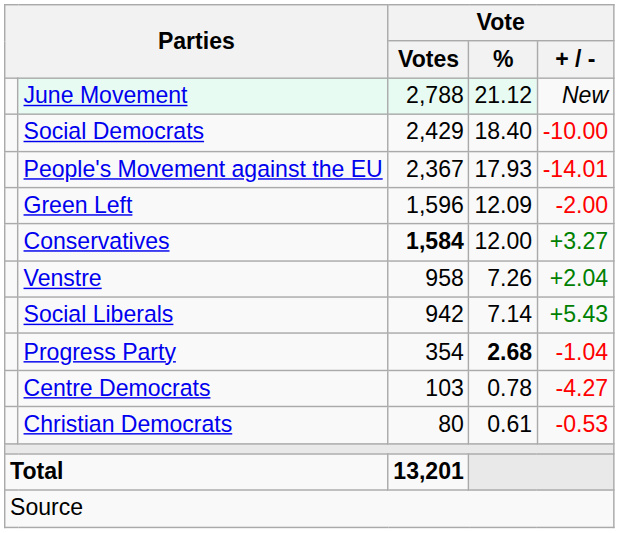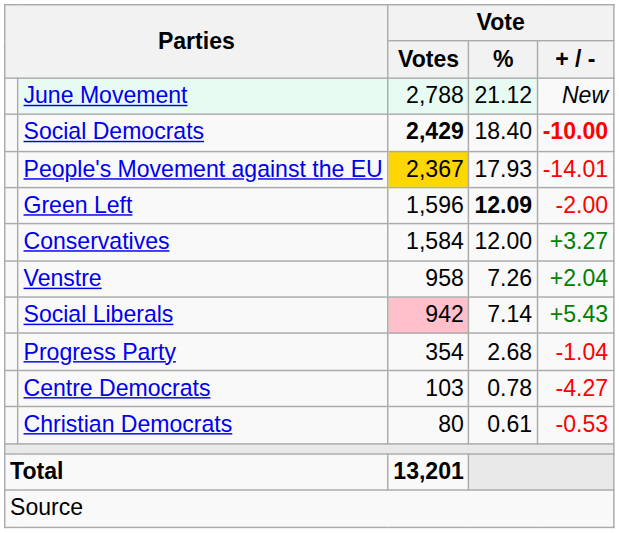 <table class="wikitable" style="text-align:right;">
 <tr>
 <th style="text-align:centre;" rowspan="2" colspan="2" width="225">Parties</th>
 <th colspan="3">Vote</th>
 </tr>
 <tr>
 <th width="15">Votes</th>
 <th width="15">%</th>
 <th width="15">+ / -</th>
 </tr>
 <tr>
 <td width="2" style="color:inherit;background:"></td>
 <td bgcolor=#e8fbf3   align="left"><a href='#'>June Movement</a></td>
 <td bgcolor=#e8fbf3>2,788</td>
 <td bgcolor=#e8fbf3>21.12</td>
 <td><em>New</em></td>
 </tr>
 <tr>
 <td width="2" style="color:inherit;background:"></td>
 <td align="left"><a href='#'>Social Democrats</a></td>
-<td>2,429</td>
+<td><strong>2,429</strong></td>
 <td>18.40</td>
-<td style=color:red;>-10.00</td>
+<td style=color:red;><strong>-10.00</strong></td>
 </tr>
 <tr>
 <td width="2" style="color:inherit;background:"></td>
 <td align="left"><a href='#'>People's Movement against the EU</a></td>
-<td>2,367</td>
+<td style="background: gold;">2,367</td>
 <td>17.93</td>
 <td style=color:red;>-14.01</td>
 </tr>
 <tr>
 <td width="2" style="color:inherit;background:"></td>
 <td align="left"><a href='#'>Green Left</a></td>
 <td>1,596</td>
-<td>12.09</td>
+<td><strong>12.09</strong></td>
 <td style=color:red;>-2.00</td>
 </tr>
 <tr>
 <td width="2" style="color:inherit;background:"></td>
 <td align="left"><a href='#'>Conservatives</a></td>
-<td><strong>1,584</strong></td>
+<td>1,584</td>
 <td>12.00</td>
 <td style=color:green;>+3.27</td>
 </tr>
 <tr>
 <td width="2" style="color:inherit;background:"></td>
 <td align="left"><a href='#'>Venstre</a></td>
 <td>958</td>
 <td>7.26</td>
 <td style=color:green;>+2.04</td>
 </tr>
 <tr>
 <td width="2" style="color:inherit;background:"></td>
 <td align="left"><a href='#'>Social Liberals</a></td>
-<td>942</td>
+<td style="background: pink;">942</td>
 <td>7.14</td>
 <td style=color:green;>+5.43</td>
 </tr>
 <tr>
 <td width="2" style="color:inherit;background:"></td>
 <td align="left"><a href='#'>Progress Party</a></td>
 <td>354</td>
-<td><strong>2.68</strong></td>
+<td>2.68</td>
 <td style=color:red;>-1.04</td>
 </tr>
 <tr>
 <td width="2" style="color:inherit;background:"></td>
 <td align="left"><a href='#'>Centre Democrats</a></td>
 <td>103</td>
 <td>0.78</td>
 <td style=color:red;>-4.27</td>
 </tr>
 <tr>
 <td width="2" style="color:inherit;background:"></td>
 <td align="left"><a href='#'>Christian Democrats</a></td>
 <td>80</td>
 <td>0.61</td>
 <td style=color:red;>-0.53</td>
 </tr>
 <tr>
 <td colspan="7" bgcolor="#E9E9E9"></td>
 </tr>
 <tr>
 <td align="left" colspan="2"><strong>Total</strong></td>
 <td><strong>13,201</strong></td>
 <td bgcolor="#E9E9E9" colspan="2"></td>
 </tr>
 <tr>
 <td align="left" colspan="6">Source</td>
 </tr>
 </table>
